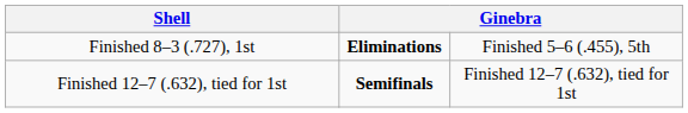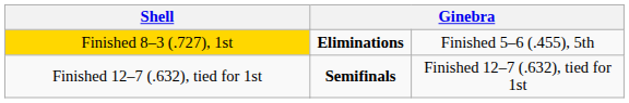 <table class="wikitable" style="width:100%;">
 <tr align=center>
 <th colspan="2" style="width:45%;"><a href='#'>Shell</a></th>
 <th colspan="2" style="width:45%;"><a href='#'>Ginebra</a></th>
 </tr>
 <tr align=center>
-<td>Finished 8–3 (.727), 1st</td>
+<td style="background: gold;">Finished 8–3 (.727), 1st</td>
 <td colspan=2><strong>Eliminations</strong></td>
 <td>Finished 5–6 (.455), 5th</td>
 </tr>
 <tr align=center>
 <td>Finished 12–7 (.632), tied for 1st</td>
 <td colspan=2><strong>Semifinals</strong></td>
 <td>Finished 12–7 (.632), tied for 1st</td>
 </tr>
 </table>
